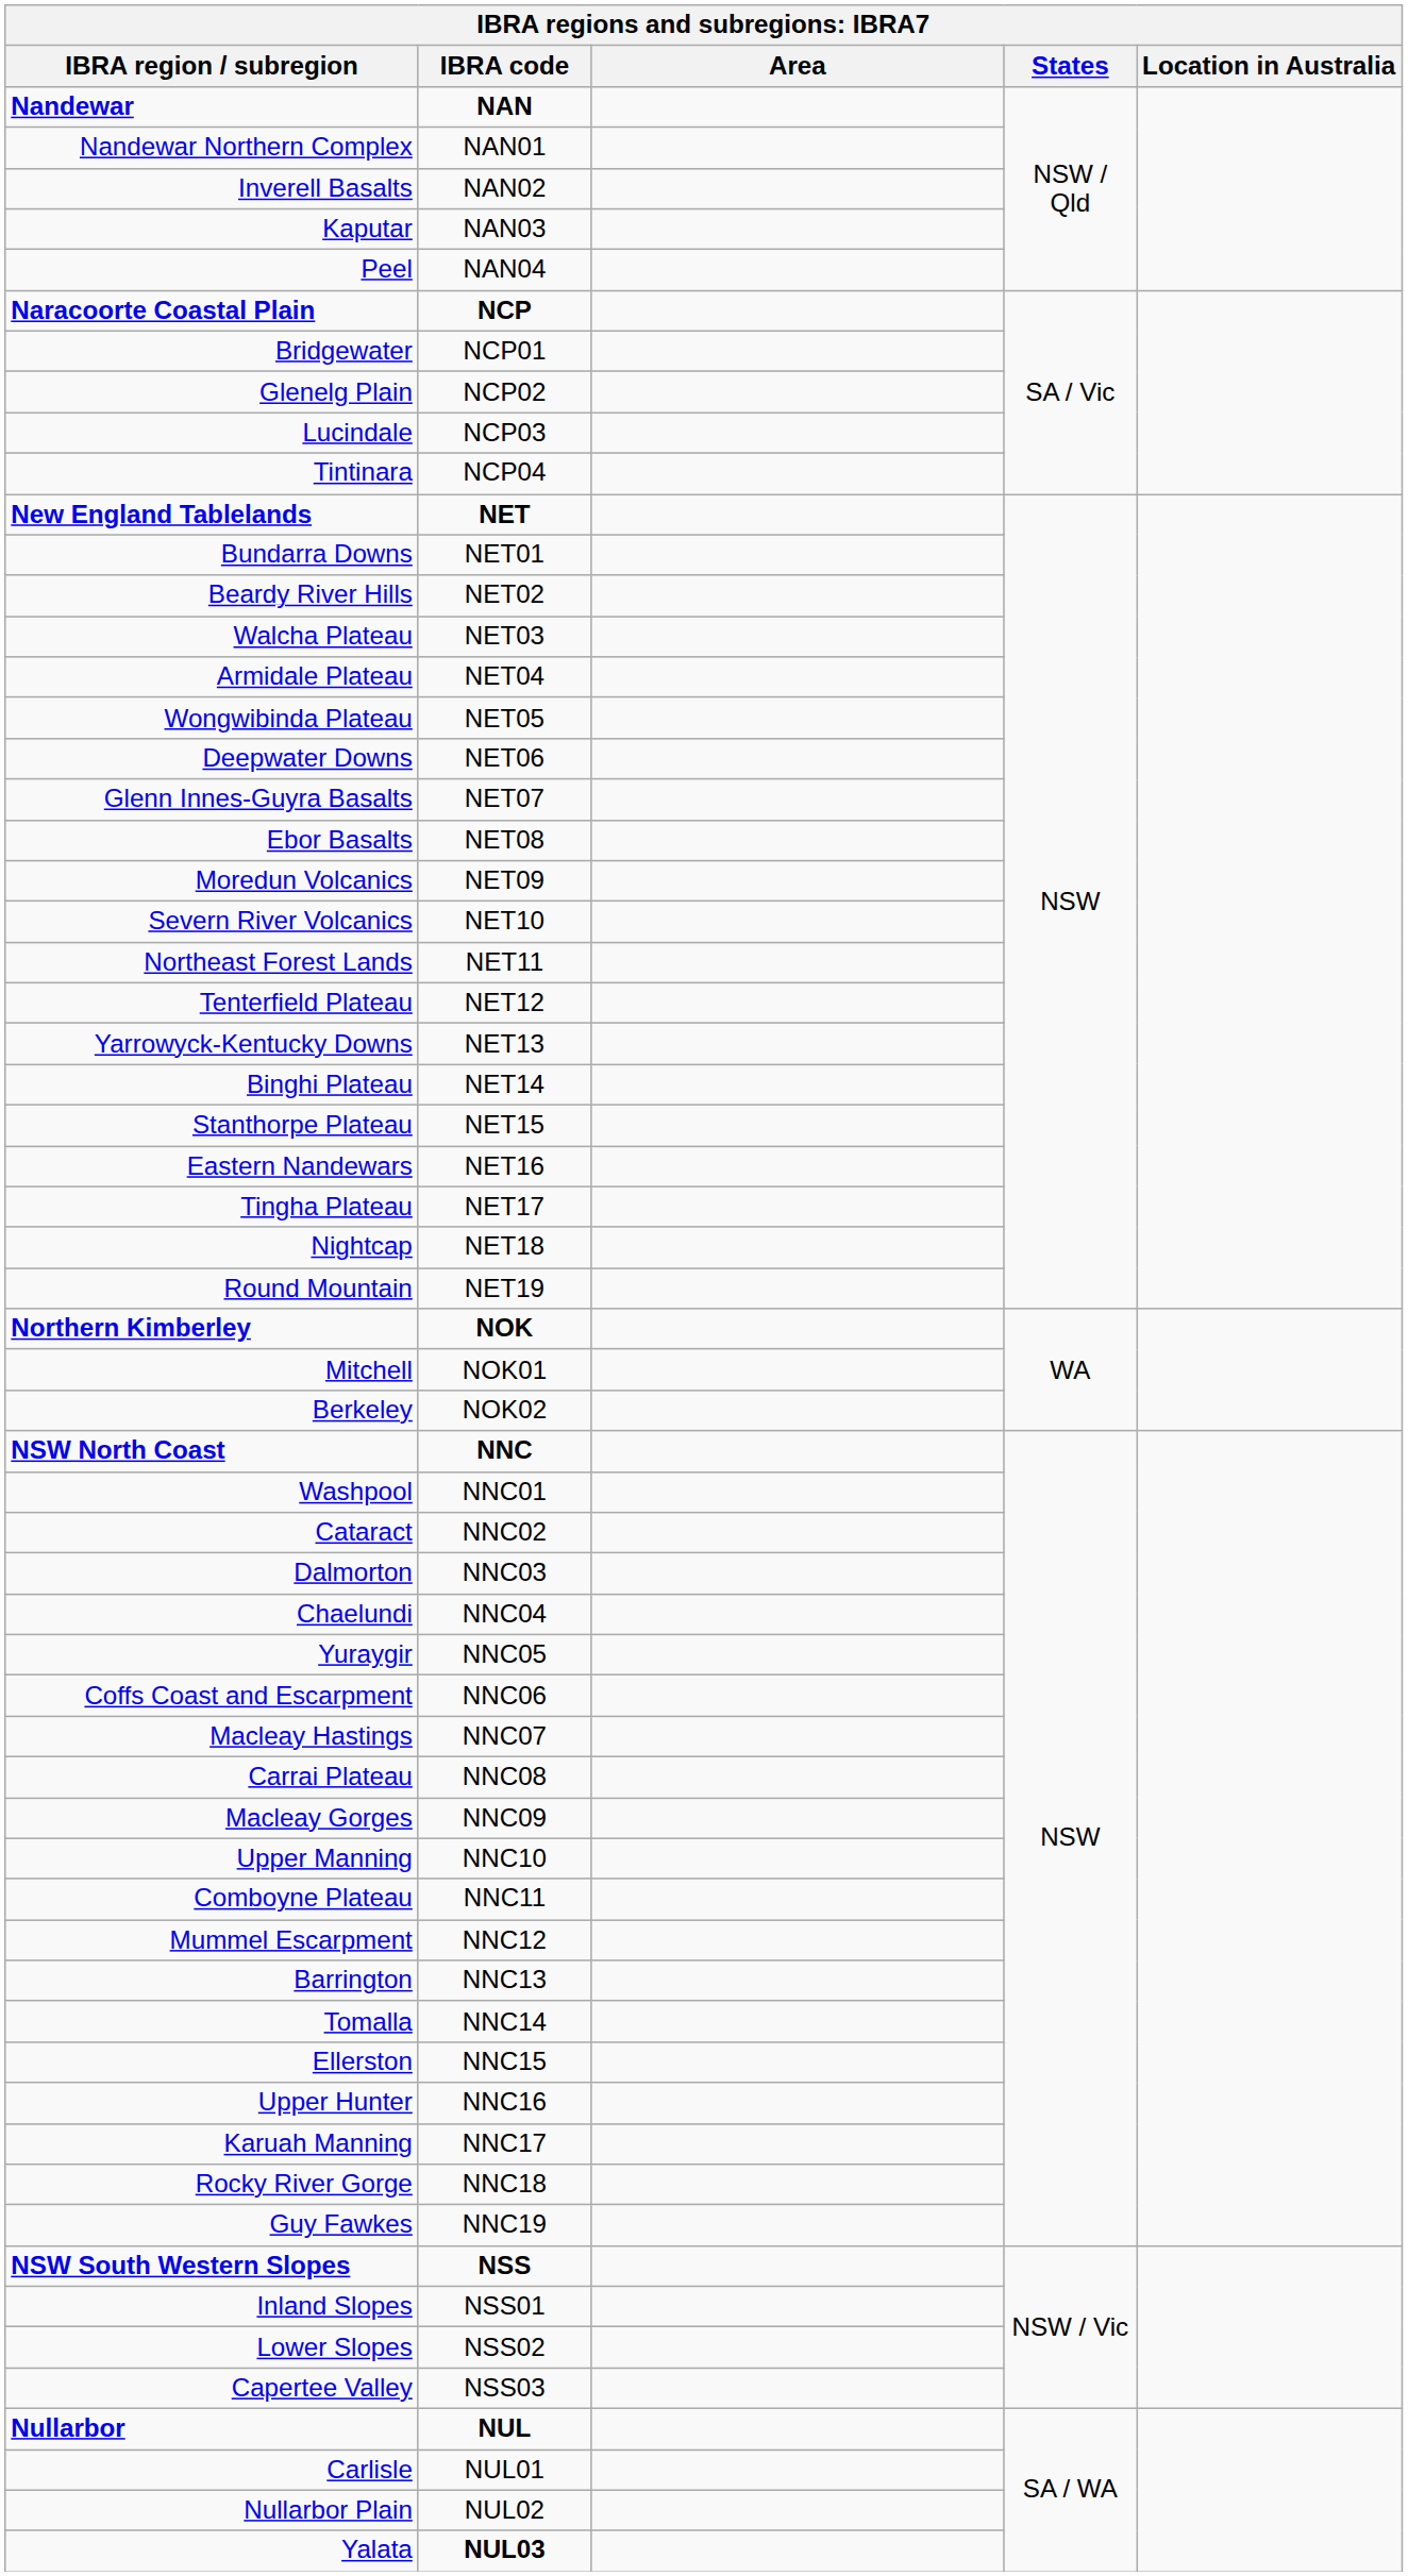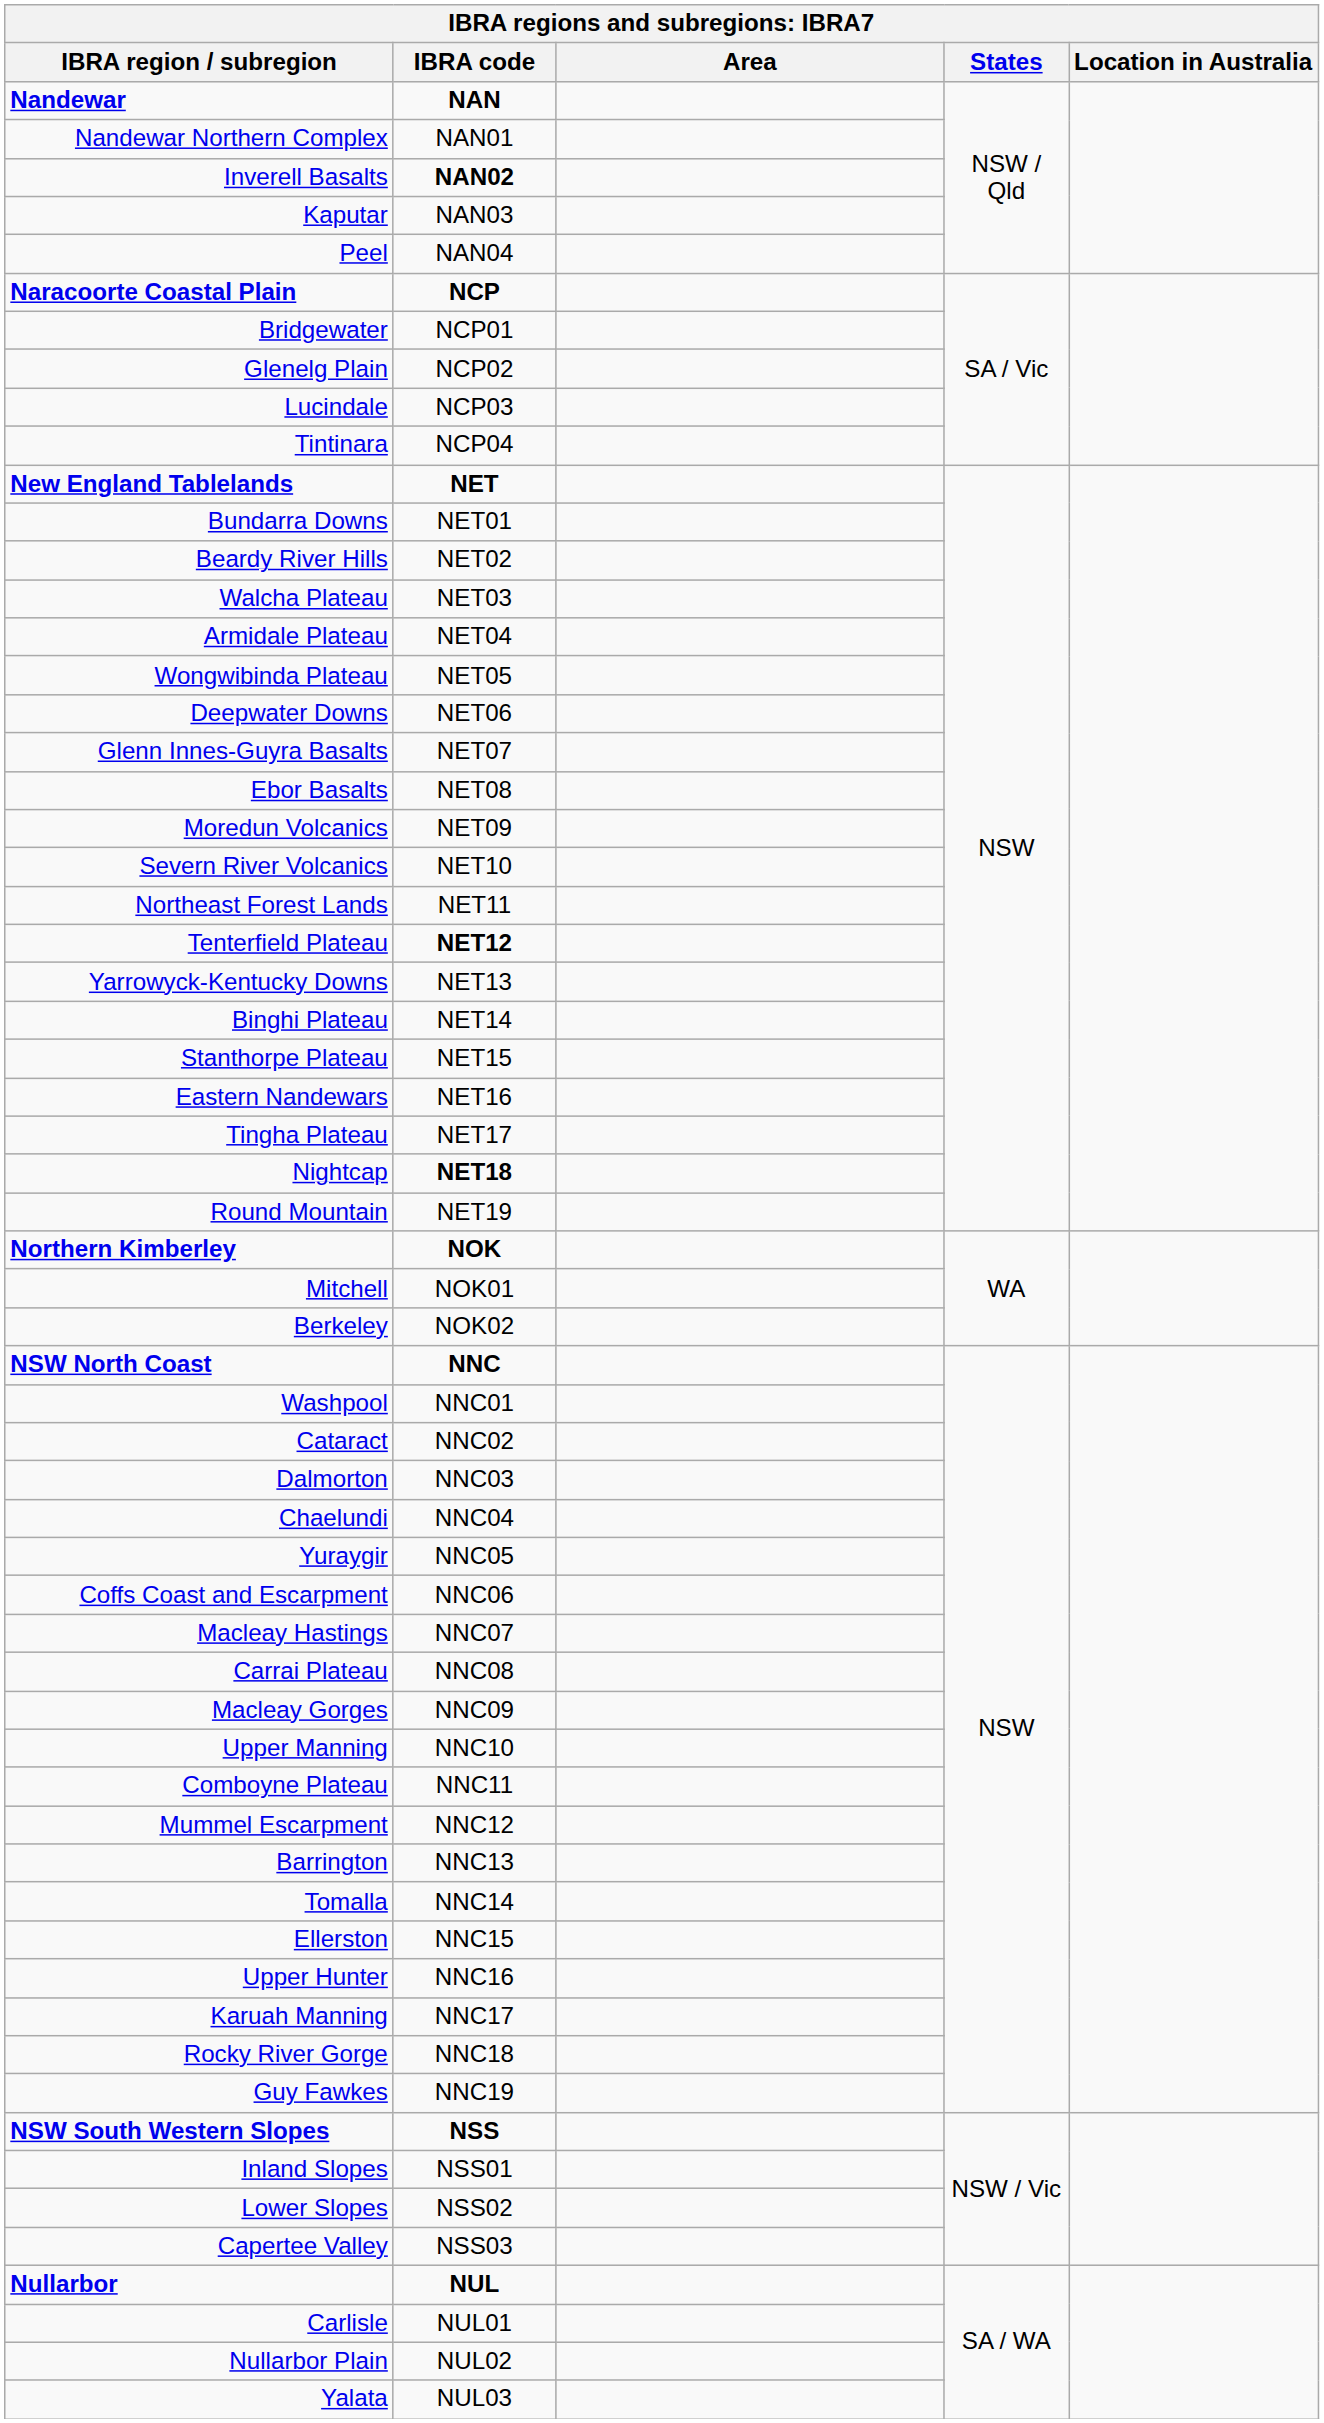 <table class="wikitable sortable">
 <tr>
 <th rowwidth=100px colspan=5>IBRA regions and subregions: IBRA7</th>
 </tr>
 <tr>
 <th scope="col" style="width:250px;">IBRA region / subregion</th>
 <th scope="col" style="width:100px;">IBRA code</th>
 <th scope="col" style="width:250px;">Area</th>
 <th scope="col" style="width:75px;"><a href='#'>States</a></th>
 <th>Location in Australia</th>
 </tr>
 <tr>
 <td><strong><a href='#'>Nandewar</a></strong></td>
 <td style="text-align:center;"><strong>NAN</strong></td>
 <td align="right"><strong></strong></td>
 <td style="text-align:center;" rowspan="5">NSW / Qld</td>
 <td style="text-align:center;" rowspan="5"></td>
 </tr>
 <tr>
 <td align="right"><a href='#'>Nandewar Northern Complex</a></td>
 <td style="text-align:center;">NAN01</td>
 <td align="right"></td>
 </tr>
 <tr>
 <td align="right"><a href='#'>Inverell Basalts</a></td>
-<td style="text-align:center;">NAN02</td>
+<td style="text-align:center;"><strong>NAN02</strong></td>
 <td align="right"></td>
 </tr>
 <tr>
 <td align="right"><a href='#'>Kaputar</a></td>
 <td style="text-align:center;">NAN03</td>
 <td align="right"></td>
 </tr>
 <tr>
 <td align="right"><a href='#'>Peel</a></td>
 <td style="text-align:center;">NAN04</td>
 <td align="right"></td>
 </tr>
 <tr>
 <td><strong><a href='#'>Naracoorte Coastal Plain</a></strong></td>
 <td style="text-align:center;"><strong>NCP</strong></td>
 <td align="right"><strong></strong></td>
 <td style="text-align:center;" rowspan="5">SA / Vic</td>
 <td style="text-align:center;" rowspan="5"></td>
 </tr>
 <tr>
 <td align="right"><a href='#'>Bridgewater</a></td>
 <td style="text-align:center;">NCP01</td>
 <td align="right"></td>
 </tr>
 <tr>
 <td align="right"><a href='#'>Glenelg Plain</a></td>
 <td style="text-align:center;">NCP02</td>
 <td align="right"></td>
 </tr>
 <tr>
 <td align="right"><a href='#'>Lucindale</a></td>
 <td style="text-align:center;">NCP03</td>
 <td align="right"></td>
 </tr>
 <tr>
 <td align="right"><a href='#'>Tintinara</a></td>
 <td style="text-align:center;">NCP04</td>
 <td align="right"></td>
 </tr>
 <tr>
 <td><strong><a href='#'>New England Tablelands</a></strong></td>
 <td style="text-align:center;"><strong>NET</strong></td>
 <td align="right"><strong></strong></td>
 <td style="text-align:center;" rowspan="20">NSW</td>
 <td style="text-align:center;" rowspan="20"></td>
 </tr>
 <tr>
 <td align="right"><a href='#'>Bundarra Downs</a></td>
 <td style="text-align:center;">NET01</td>
 <td align="right"></td>
 </tr>
 <tr>
 <td align="right"><a href='#'>Beardy River Hills</a></td>
 <td style="text-align:center;">NET02</td>
 <td align="right"></td>
 </tr>
 <tr>
 <td align="right"><a href='#'>Walcha Plateau</a></td>
 <td style="text-align:center;">NET03</td>
 <td align="right"></td>
 </tr>
 <tr>
 <td align="right"><a href='#'>Armidale Plateau</a></td>
 <td style="text-align:center;">NET04</td>
 <td align="right"></td>
 </tr>
 <tr>
 <td align="right"><a href='#'>Wongwibinda Plateau</a></td>
 <td style="text-align:center;">NET05</td>
 <td align="right"></td>
 </tr>
 <tr>
 <td align="right"><a href='#'>Deepwater Downs</a></td>
 <td style="text-align:center;">NET06</td>
 <td align="right"></td>
 </tr>
 <tr>
 <td align="right"><a href='#'>Glenn Innes-Guyra Basalts</a></td>
 <td style="text-align:center;">NET07</td>
 <td align="right"></td>
 </tr>
 <tr>
 <td align="right"><a href='#'>Ebor Basalts</a></td>
 <td style="text-align:center;">NET08</td>
 <td align="right"></td>
 </tr>
 <tr>
 <td align="right"><a href='#'>Moredun Volcanics</a></td>
 <td style="text-align:center;">NET09</td>
 <td align="right"></td>
 </tr>
 <tr>
 <td align="right"><a href='#'>Severn River Volcanics</a></td>
 <td style="text-align:center;">NET10</td>
 <td align="right"></td>
 </tr>
 <tr>
 <td align="right"><a href='#'>Northeast Forest Lands</a></td>
 <td style="text-align:center;">NET11</td>
 <td align="right"></td>
 </tr>
 <tr>
 <td align="right"><a href='#'>Tenterfield Plateau</a></td>
-<td style="text-align:center;">NET12</td>
+<td style="text-align:center;"><strong>NET12</strong></td>
 <td align="right"></td>
 </tr>
 <tr>
 <td align="right"><a href='#'>Yarrowyck-Kentucky Downs</a></td>
 <td style="text-align:center;">NET13</td>
 <td align="right"></td>
 </tr>
 <tr>
 <td align="right"><a href='#'>Binghi Plateau</a></td>
 <td style="text-align:center;">NET14</td>
 <td align="right"></td>
 </tr>
 <tr>
 <td align="right"><a href='#'>Stanthorpe Plateau</a></td>
 <td style="text-align:center;">NET15</td>
 <td align="right"></td>
 </tr>
 <tr>
 <td align="right"><a href='#'>Eastern Nandewars</a></td>
 <td style="text-align:center;">NET16</td>
 <td align="right"></td>
 </tr>
 <tr>
 <td align="right"><a href='#'>Tingha Plateau</a></td>
 <td style="text-align:center;">NET17</td>
 <td align="right"></td>
 </tr>
 <tr>
 <td align="right"><a href='#'>Nightcap</a></td>
-<td style="text-align:center;">NET18</td>
+<td style="text-align:center;"><strong>NET18</strong></td>
 <td align="right"></td>
 </tr>
 <tr>
 <td align="right"><a href='#'>Round Mountain</a></td>
 <td style="text-align:center;">NET19</td>
 <td align="right"></td>
 </tr>
 <tr>
 <td><strong><a href='#'>Northern Kimberley</a></strong></td>
 <td style="text-align:center;"><strong>NOK</strong></td>
 <td align="right"><strong></strong></td>
 <td style="text-align:center;" rowspan="3">WA</td>
 <td style="text-align:center;" rowspan="3"></td>
 </tr>
 <tr>
 <td align="right"><a href='#'>Mitchell</a></td>
 <td style="text-align:center;">NOK01</td>
 <td align="right"></td>
 </tr>
 <tr>
 <td align="right"><a href='#'>Berkeley</a></td>
 <td style="text-align:center;">NOK02</td>
 <td align="right"></td>
 </tr>
 <tr>
 <td><strong><a href='#'>NSW North Coast</a></strong></td>
 <td style="text-align:center;"><strong>NNC</strong></td>
 <td align="right"><strong></strong></td>
 <td style="text-align:center;" rowspan="20">NSW</td>
 <td style="text-align:center;" rowspan="20"></td>
 </tr>
 <tr>
 <td align="right"><a href='#'>Washpool</a></td>
 <td style="text-align:center;">NNC01</td>
 <td align="right"></td>
 </tr>
 <tr>
 <td align="right"><a href='#'>Cataract</a></td>
 <td style="text-align:center;">NNC02</td>
 <td align="right"></td>
 </tr>
 <tr>
 <td align="right"><a href='#'>Dalmorton</a></td>
 <td style="text-align:center;">NNC03</td>
 <td align="right"></td>
 </tr>
 <tr>
 <td align="right"><a href='#'>Chaelundi</a></td>
 <td style="text-align:center;">NNC04</td>
 <td align="right"></td>
 </tr>
 <tr>
 <td align="right"><a href='#'>Yuraygir</a></td>
 <td style="text-align:center;">NNC05</td>
 <td align="right"></td>
 </tr>
 <tr>
 <td align="right"><a href='#'>Coffs Coast and Escarpment</a></td>
 <td style="text-align:center;">NNC06</td>
 <td align="right"></td>
 </tr>
 <tr>
 <td align="right"><a href='#'>Macleay Hastings</a></td>
 <td style="text-align:center;">NNC07</td>
 <td align="right"></td>
 </tr>
 <tr>
 <td align="right"><a href='#'>Carrai Plateau</a></td>
 <td style="text-align:center;">NNC08</td>
 <td align="right"></td>
 </tr>
 <tr>
 <td align="right"><a href='#'>Macleay Gorges</a></td>
 <td style="text-align:center;">NNC09</td>
 <td align="right"></td>
 </tr>
 <tr>
 <td align="right"><a href='#'>Upper Manning</a></td>
 <td style="text-align:center;">NNC10</td>
 <td align="right"></td>
 </tr>
 <tr>
 <td align="right"><a href='#'>Comboyne Plateau</a></td>
 <td style="text-align:center;">NNC11</td>
 <td align="right"></td>
 </tr>
 <tr>
 <td align="right"><a href='#'>Mummel Escarpment</a></td>
 <td style="text-align:center;">NNC12</td>
 <td align="right"></td>
 </tr>
 <tr>
 <td align="right"><a href='#'>Barrington</a></td>
 <td style="text-align:center;">NNC13</td>
 <td align="right"></td>
 </tr>
 <tr>
 <td align="right"><a href='#'>Tomalla</a></td>
 <td style="text-align:center;">NNC14</td>
 <td align="right"></td>
 </tr>
 <tr>
 <td align="right"><a href='#'>Ellerston</a></td>
 <td style="text-align:center;">NNC15</td>
 <td align="right"></td>
 </tr>
 <tr>
 <td align="right"><a href='#'>Upper Hunter</a></td>
 <td style="text-align:center;">NNC16</td>
 <td align="right"></td>
 </tr>
 <tr>
 <td align="right"><a href='#'>Karuah Manning</a></td>
 <td style="text-align:center;">NNC17</td>
 <td align="right"></td>
 </tr>
 <tr>
 <td align="right"><a href='#'>Rocky River Gorge</a></td>
 <td style="text-align:center;">NNC18</td>
 <td align="right"></td>
 </tr>
 <tr>
 <td align="right"><a href='#'>Guy Fawkes</a></td>
 <td style="text-align:center;">NNC19</td>
 <td align="right"></td>
 </tr>
 <tr>
 <td><strong><a href='#'>NSW South Western Slopes</a></strong></td>
 <td style="text-align:center;"><strong>NSS</strong></td>
 <td align="right"><strong></strong></td>
 <td style="text-align:center;" rowspan="4">NSW / Vic</td>
 <td style="text-align:center;" rowspan="4"></td>
 </tr>
 <tr>
 <td align="right"><a href='#'>Inland Slopes</a></td>
 <td style="text-align:center;">NSS01</td>
 <td align="right"></td>
 </tr>
 <tr>
 <td align="right"><a href='#'>Lower Slopes</a></td>
 <td style="text-align:center;">NSS02</td>
 <td align="right"></td>
 </tr>
 <tr>
 <td align="right"><a href='#'>Capertee Valley</a></td>
 <td style="text-align:center;">NSS03</td>
 <td align="right"></td>
 </tr>
 <tr>
 <td><strong><a href='#'>Nullarbor</a></strong></td>
 <td style="text-align:center;"><strong>NUL</strong></td>
 <td align="right"><strong></strong></td>
 <td style="text-align:center;" rowspan="4">SA / WA</td>
 <td style="text-align:center;" rowspan="4"></td>
 </tr>
 <tr>
 <td align="right"><a href='#'>Carlisle</a></td>
 <td style="text-align:center;">NUL01</td>
 <td align="right"></td>
 </tr>
 <tr>
 <td align="right"><a href='#'>Nullarbor Plain</a></td>
 <td style="text-align:center;">NUL02</td>
 <td align="right"></td>
 </tr>
 <tr>
 <td align="right"><a href='#'>Yalata</a></td>
-<td style="text-align:center;"><strong>NUL03</strong></td>
+<td style="text-align:center;">NUL03</td>
 <td align="right"></td>
 </tr>
 </table>
